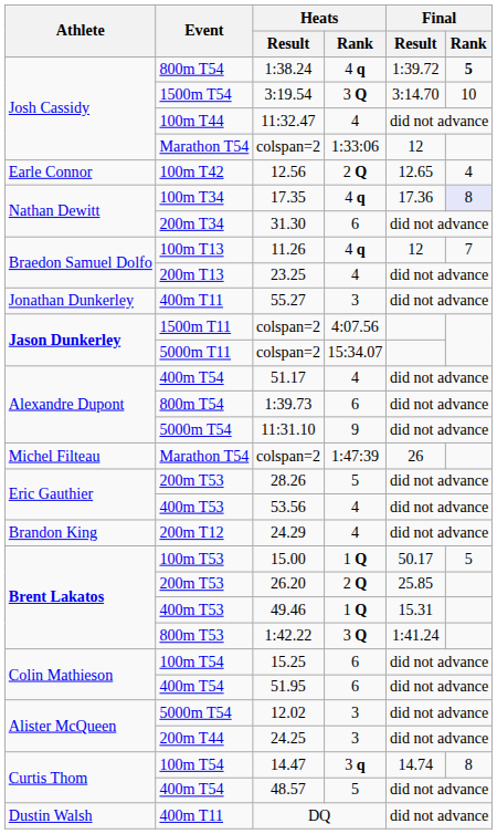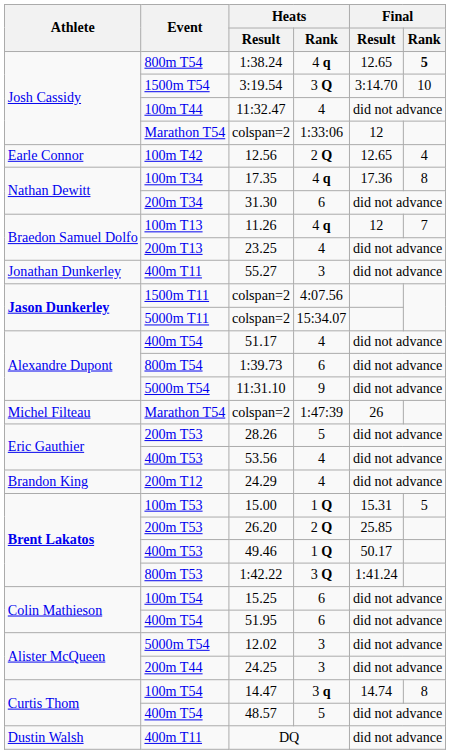 <table class=wikitable style="font-size:90%">
 <tr>
 <th rowspan="2">Athlete</th>
 <th rowspan="2">Event</th>
 <th colspan="2">Heats</th>
 <th colspan="3">Final</th>
 </tr>
 <tr>
 <th>Result</th>
 <th>Rank</th>
 <th>Result</th>
 <th>Rank</th>
 </tr>
 <tr align=center>
 <td align=left rowspan=4><a href='#'>Josh Cassidy</a></td>
 <td align=left><a href='#'>800m T54</a></td>
 <td>1:38.24</td>
 <td>4 <strong>q</strong></td>
-<td>1:39.72</td>
+<td>12.65</td>
 <td><strong>5</strong></td>
 </tr>
 <tr align=center>
 <td align=left><a href='#'>1500m T54</a></td>
 <td>3:19.54</td>
 <td>3 <strong>Q</strong></td>
 <td>3:14.70</td>
 <td>10</td>
 </tr>
 <tr align=center>
 <td align=left><a href='#'>100m T44</a></td>
 <td>11:32.47</td>
 <td>4</td>
 <td colspan=2>did not advance</td>
 </tr>
 <tr align=center>
 <td align=left><a href='#'>Marathon T54</a></td>
 <td>colspan=2 </td>
 <td>1:33:06</td>
 <td>12</td>
 </tr>
 <tr align=center>
 <td align=left><a href='#'>Earle Connor</a></td>
 <td align=left><a href='#'>100m T42</a></td>
 <td>12.56</td>
 <td>2 <strong>Q</strong></td>
 <td>12.65</td>
 <td>4</td>
 </tr>
 <tr align=center>
 <td align=left rowspan=2><a href='#'>Nathan Dewitt</a></td>
 <td align=left><a href='#'>100m T34</a></td>
 <td>17.35</td>
 <td>4 <strong>q</strong></td>
 <td>17.36</td>
-<td style="background: lavender;">8</td>
+<td>8</td>
 </tr>
 <tr align=center>
 <td align=left><a href='#'>200m T34</a></td>
 <td>31.30</td>
 <td>6</td>
 <td colspan=2>did not advance</td>
 </tr>
 <tr align=center>
 <td align=left rowspan=2><a href='#'>Braedon Samuel Dolfo</a></td>
 <td align=left><a href='#'>100m T13</a></td>
 <td>11.26</td>
 <td>4 <strong>q</strong></td>
 <td>12</td>
 <td>7</td>
 </tr>
 <tr align=center>
 <td align=left><a href='#'>200m T13</a></td>
 <td>23.25</td>
 <td>4</td>
 <td colspan=2>did not advance</td>
 </tr>
 <tr align=center>
 <td align=left><a href='#'>Jonathan Dunkerley</a></td>
 <td align=left><a href='#'>400m T11</a></td>
 <td>55.27</td>
 <td>3</td>
 <td colspan=2>did not advance</td>
 </tr>
 <tr align=center>
 <td align=left rowspan=2><strong><a href='#'>Jason Dunkerley</a></strong></td>
 <td align=left><a href='#'>1500m T11</a></td>
 <td>colspan=2 </td>
 <td>4:07.56</td>
 <td></td>
 </tr>
 <tr align=center>
 <td align=left><a href='#'>5000m T11</a></td>
 <td>colspan=2 </td>
 <td>15:34.07</td>
 <td></td>
 </tr>
 <tr align=center>
 <td align=left rowspan=3><a href='#'>Alexandre Dupont</a></td>
 <td align=left><a href='#'>400m T54</a></td>
 <td>51.17</td>
 <td>4</td>
 <td colspan=2>did not advance</td>
 </tr>
 <tr align=center>
 <td align=left><a href='#'>800m T54</a></td>
 <td>1:39.73</td>
 <td>6</td>
 <td colspan=2>did not advance</td>
 </tr>
 <tr align=center>
 <td align=left><a href='#'>5000m T54</a></td>
 <td>11:31.10</td>
 <td>9</td>
 <td colspan=2>did not advance</td>
 </tr>
 <tr align=center>
 <td align=left><a href='#'>Michel Filteau</a></td>
 <td align=left><a href='#'>Marathon T54</a></td>
 <td>colspan=2 </td>
 <td>1:47:39</td>
 <td>26</td>
 </tr>
 <tr align=center>
 <td align=left rowspan=2><a href='#'>Eric Gauthier</a></td>
 <td align=left><a href='#'>200m T53</a></td>
 <td>28.26</td>
 <td>5</td>
 <td colspan=2>did not advance</td>
 </tr>
 <tr align=center>
 <td align=left><a href='#'>400m T53</a></td>
 <td>53.56</td>
 <td>4</td>
 <td colspan=2>did not advance</td>
 </tr>
 <tr align=center>
 <td align=left><a href='#'>Brandon King</a></td>
 <td align=left><a href='#'>200m T12</a></td>
 <td>24.29</td>
 <td>4</td>
 <td colspan=2>did not advance</td>
 </tr>
 <tr align=center>
 <td align=left rowspan=4><strong><a href='#'>Brent Lakatos</a></strong></td>
 <td align=left><a href='#'>100m T53</a></td>
 <td>15.00</td>
 <td>1 <strong>Q</strong></td>
-<td>50.17</td>
+<td>15.31</td>
 <td>5</td>
 </tr>
 <tr align=center>
 <td align=left><a href='#'>200m T53</a></td>
 <td>26.20</td>
 <td>2 <strong>Q</strong></td>
 <td>25.85</td>
 <td></td>
 </tr>
 <tr align=center>
 <td align=left><a href='#'>400m T53</a></td>
 <td>49.46</td>
 <td>1 <strong>Q</strong></td>
-<td>15.31</td>
+<td>50.17</td>
 <td></td>
 </tr>
 <tr align=center>
 <td align=left><a href='#'>800m T53</a></td>
 <td>1:42.22</td>
 <td>3 <strong>Q</strong></td>
 <td>1:41.24</td>
 <td></td>
 </tr>
 <tr align=center>
 <td align=left rowspan=2><a href='#'>Colin Mathieson</a></td>
 <td align=left><a href='#'>100m T54</a></td>
 <td>15.25</td>
 <td>6</td>
 <td colspan=2>did not advance</td>
 </tr>
 <tr align=center>
 <td align=left><a href='#'>400m T54</a></td>
 <td>51.95</td>
 <td>6</td>
 <td colspan=2>did not advance</td>
 </tr>
 <tr align=center>
 <td align=left rowspan=2><a href='#'>Alister McQueen</a></td>
 <td align=left><a href='#'>5000m T54</a></td>
 <td>12.02</td>
 <td>3</td>
 <td colspan=2>did not advance</td>
 </tr>
 <tr align=center>
 <td align=left><a href='#'>200m T44</a></td>
 <td>24.25</td>
 <td>3</td>
 <td colspan=2>did not advance</td>
 </tr>
 <tr align=center>
 <td align=left rowspan=2><a href='#'>Curtis Thom</a></td>
 <td align=left><a href='#'>100m T54</a></td>
 <td>14.47</td>
 <td>3 <strong>q</strong></td>
 <td>14.74</td>
 <td>8</td>
 </tr>
 <tr align=center>
 <td align=left><a href='#'>400m T54</a></td>
 <td>48.57</td>
 <td>5</td>
 <td colspan=2>did not advance</td>
 </tr>
 <tr align=center>
 <td align=left><a href='#'>Dustin Walsh</a></td>
 <td align=left><a href='#'>400m T11</a></td>
 <td colspan=2>DQ</td>
 <td colspan=2>did not advance</td>
 </tr>
 </table>
